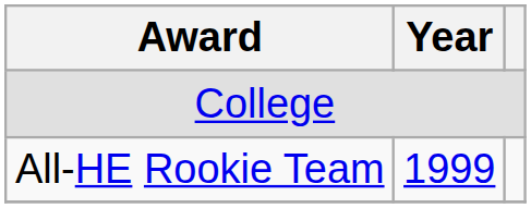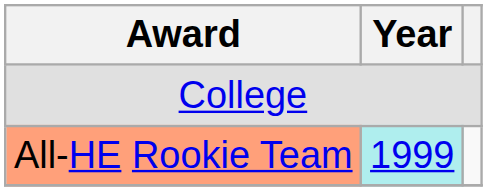 <table class="wikitable">
 <tr>
 <th>Award</th>
 <th>Year</th>
 <th></th>
 </tr>
 <tr ALIGN="center" bgcolor="#e0e0e0">
 <td colspan="3"><a href='#'>College</a></td>
 </tr>
 <tr>
-<td>All-<a href='#'>HE</a> <a href='#'>Rookie Team</a></td>
-<td><a href='#'>1999</a></td>
+<td style="background: lightsalmon;">All-<a href='#'>HE</a> <a href='#'>Rookie Team</a></td>
+<td style="background: paleturquoise;"><a href='#'>1999</a></td>
 <td></td>
 </tr>
 <tr>
 </tr>
 </table>
